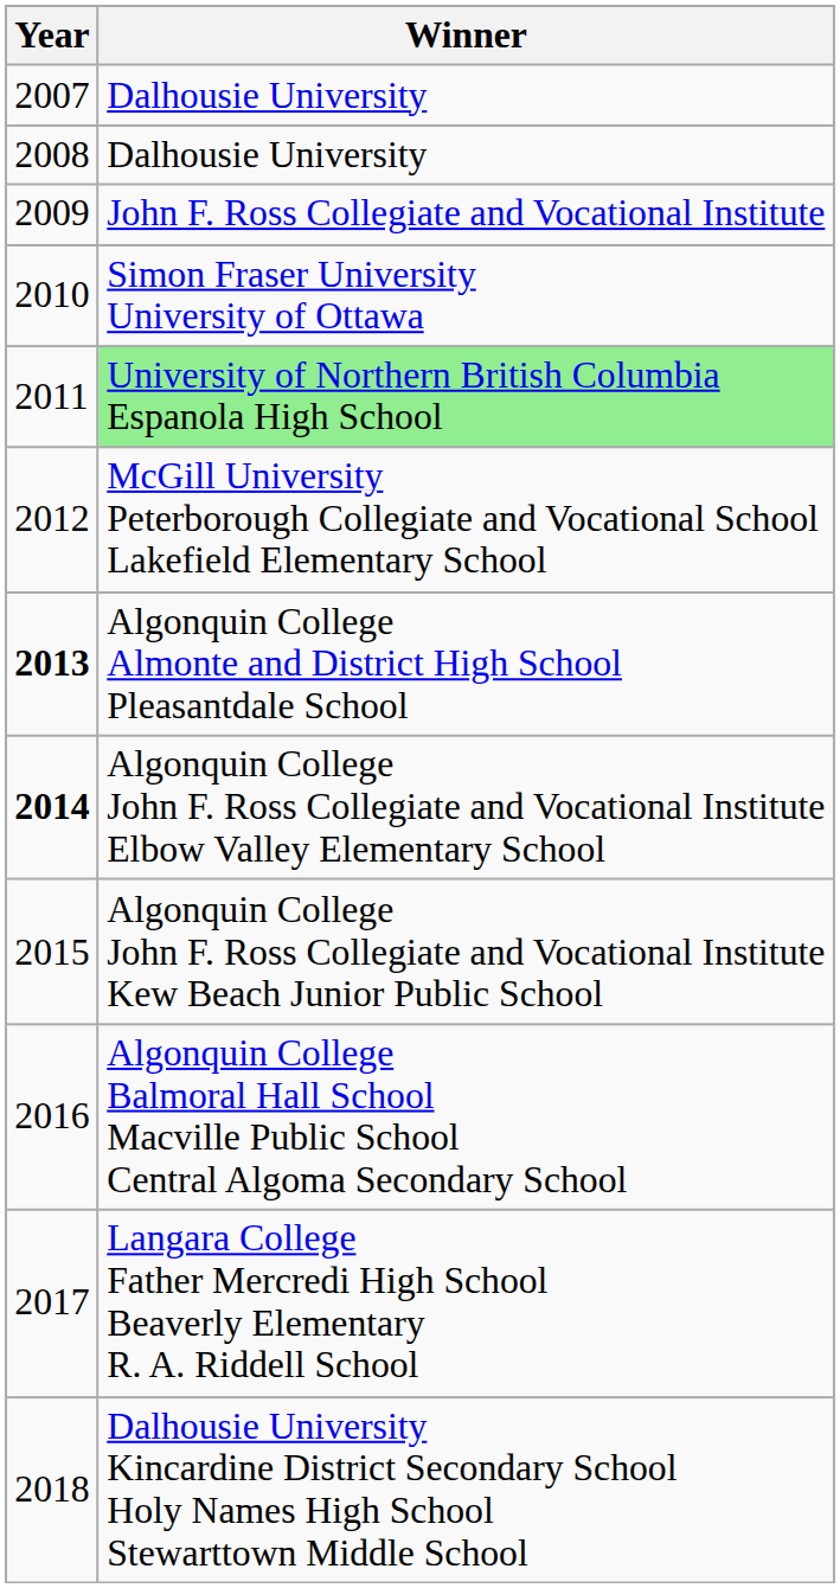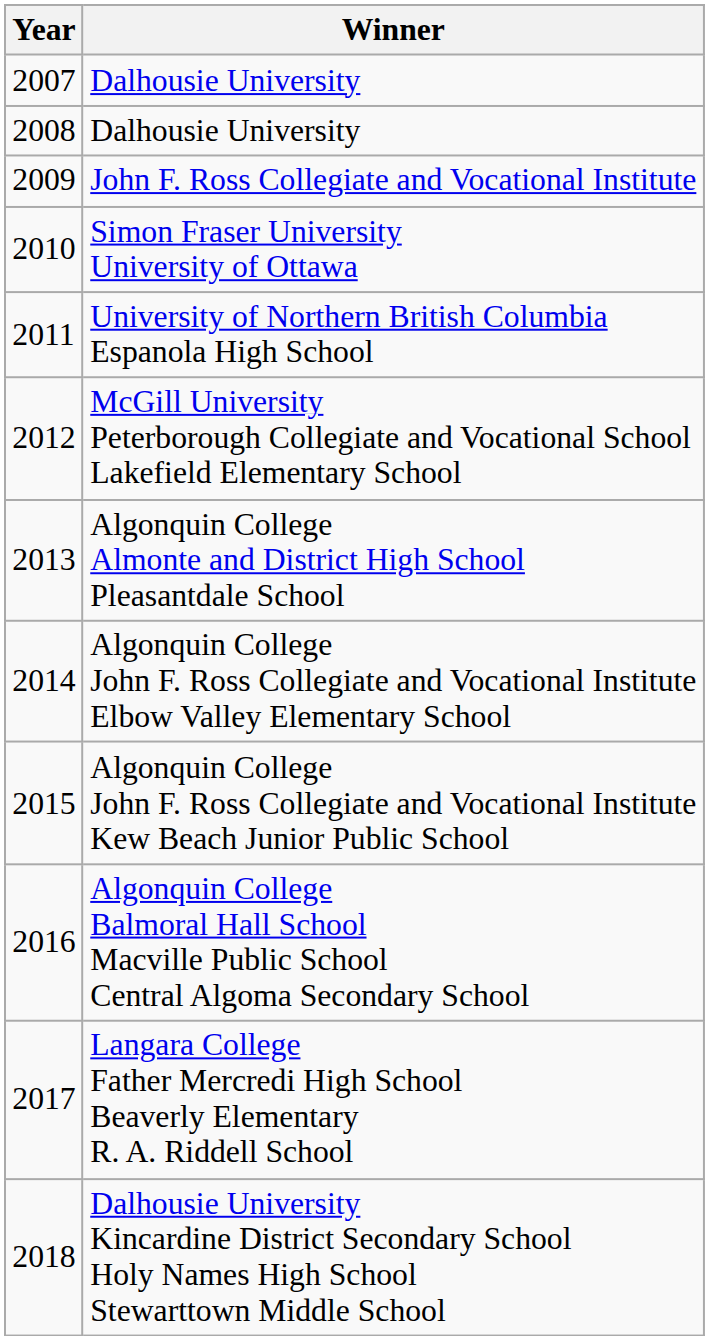 <table class="wikitable">
 <tr>
 <th>Year</th>
 <th>Winner</th>
 </tr>
 <tr>
 <td>2007</td>
 <td><a href='#'>Dalhousie University</a></td>
 </tr>
 <tr>
 <td>2008</td>
 <td>Dalhousie University</td>
 </tr>
 <tr>
 <td>2009</td>
 <td><a href='#'>John F. Ross Collegiate and Vocational Institute</a></td>
 </tr>
 <tr>
 <td>2010</td>
 <td><a href='#'>Simon Fraser University</a><br><a href='#'>University of Ottawa</a></td>
 </tr>
 <tr>
 <td>2011</td>
-<td style="background: lightgreen;"><a href='#'>University of Northern British Columbia</a><br> Espanola High School</td>
+<td><a href='#'>University of Northern British Columbia</a><br> Espanola High School</td>
 </tr>
 <tr>
 <td>2012</td>
 <td><a href='#'>McGill University</a><br>Peterborough Collegiate and Vocational School<br>Lakefield Elementary School</td>
 </tr>
 <tr>
-<td><strong>2013</strong></td>
+<td>2013</td>
 <td>Algonquin College<br><a href='#'>Almonte and District High School</a><br> Pleasantdale School</td>
 </tr>
 <tr>
-<td><strong>2014</strong></td>
+<td>2014</td>
 <td>Algonquin College<br> John F. Ross Collegiate and Vocational Institute<br> Elbow Valley Elementary School</td>
 </tr>
 <tr>
 <td>2015</td>
 <td>Algonquin College <br> John F. Ross Collegiate and Vocational Institute <br> Kew Beach Junior Public School</td>
 </tr>
 <tr>
 <td>2016</td>
 <td><a href='#'>Algonquin College</a><br> <a href='#'>Balmoral Hall School</a><br> Macville Public School <br> Central Algoma Secondary School</td>
 </tr>
 <tr>
 <td>2017</td>
 <td><a href='#'>Langara College</a><br>Father Mercredi High School<br>Beaverly Elementary<br>R. A. Riddell School</td>
 </tr>
 <tr>
 <td>2018</td>
 <td><a href='#'>Dalhousie University</a><br>Kincardine District Secondary School<br>Holy Names High School<br>Stewarttown Middle School</td>
 </tr>
 </table>
